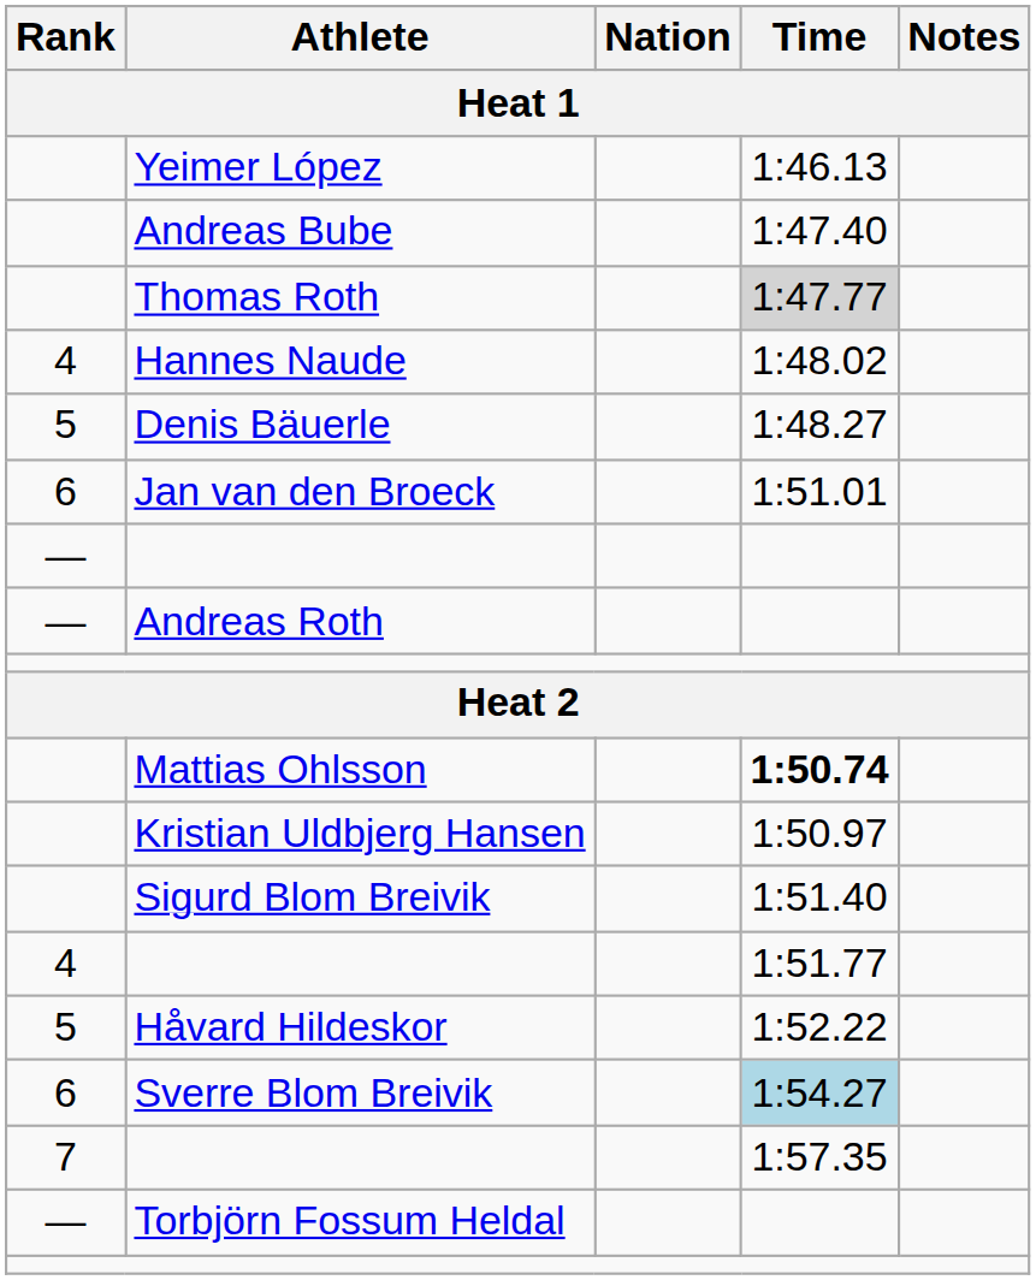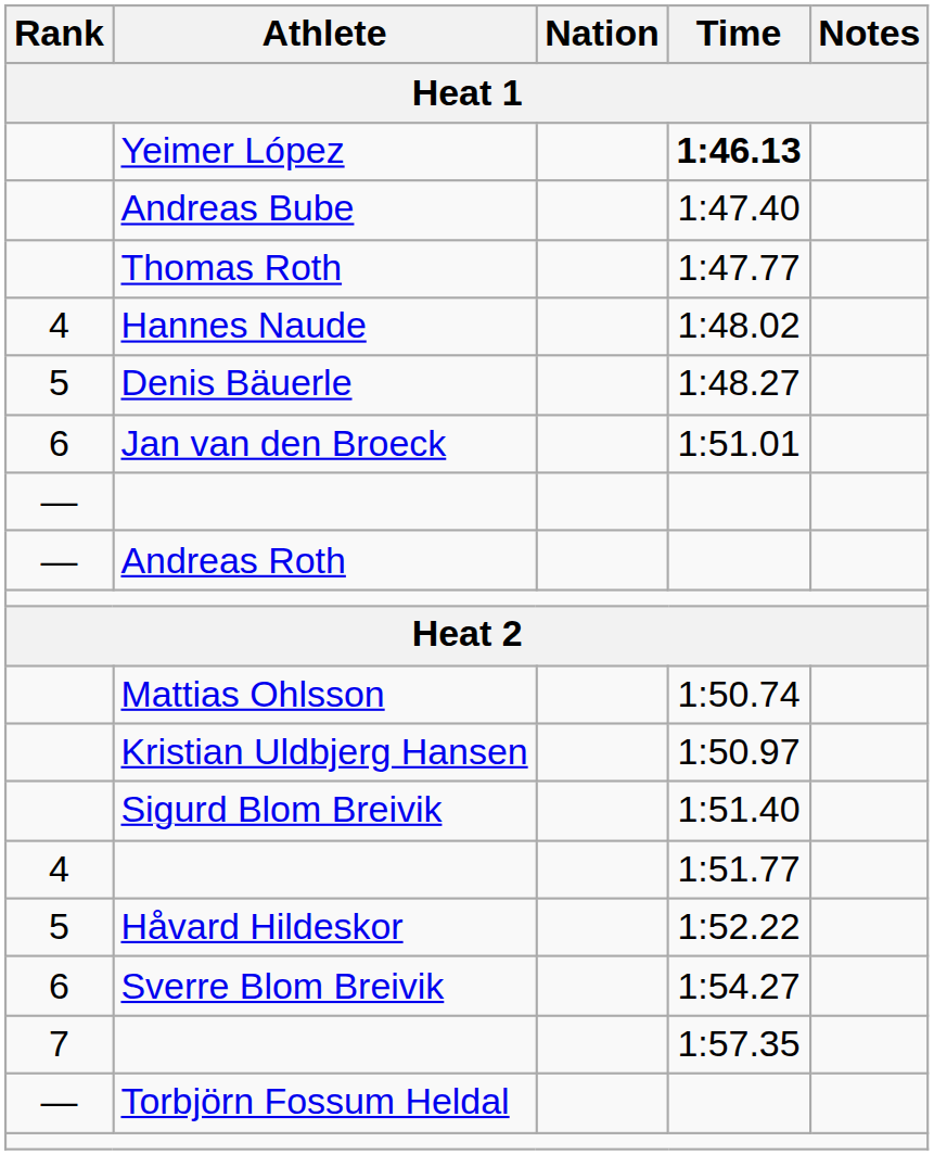 <table class="wikitable" style="text-align:center;">
 <tr>
 <th scope="col" style="width: 10px;">Rank</th>
 <th scope="col">Athlete</th>
 <th scope="col">Nation</th>
 <th scope="col">Time</th>
 <th scope="col">Notes</th>
 </tr>
 <tr>
 <th colspan="5" align="center">Heat 1</th>
 </tr>
 <tr>
 <td></td>
 <td align=left><a href='#'>Yeimer López</a></td>
 <td align=left></td>
-<td>1:46.13</td>
+<td><strong>1:46.13</strong></td>
 <td></td>
 </tr>
 <tr>
 <td></td>
 <td align=left><a href='#'>Andreas Bube</a></td>
 <td align=left></td>
 <td>1:47.40</td>
 <td></td>
 </tr>
 <tr>
 <td></td>
 <td align=left><a href='#'>Thomas Roth</a></td>
 <td align=left></td>
-<td style="background: lightgrey;">1:47.77</td>
+<td>1:47.77</td>
 <td></td>
 </tr>
 <tr>
 <td>4</td>
 <td align=left><a href='#'>Hannes Naude</a></td>
 <td align=left></td>
 <td>1:48.02</td>
 <td></td>
 </tr>
 <tr>
 <td>5</td>
 <td align=left><a href='#'>Denis Bäuerle</a></td>
 <td align=left></td>
 <td>1:48.27</td>
 <td></td>
 </tr>
 <tr>
 <td>6</td>
 <td align=left><a href='#'>Jan van den Broeck</a></td>
 <td align=left></td>
 <td>1:51.01</td>
 <td></td>
 </tr>
 <tr>
 <td>—</td>
 <td align=left></td>
 <td align=left></td>
 <td></td>
 <td></td>
 </tr>
 <tr>
 <td>—</td>
 <td align="left"><a href='#'>Andreas Roth</a></td>
 <td align="left"></td>
 <td></td>
 <td></td>
 </tr>
 <tr>
 <td colspan="5"></td>
 </tr>
 <tr>
 <th align=center colspan=5>Heat 2</th>
 </tr>
 <tr>
 <td></td>
 <td align=left><a href='#'>Mattias Ohlsson</a></td>
 <td align=left></td>
-<td><strong>1:50.74</strong></td>
+<td>1:50.74</td>
 <td></td>
 </tr>
 <tr>
 <td></td>
 <td align=left><a href='#'>Kristian Uldbjerg Hansen</a></td>
 <td align=left></td>
 <td>1:50.97</td>
 <td></td>
 </tr>
 <tr>
 <td></td>
 <td align=left><a href='#'>Sigurd Blom Breivik</a></td>
 <td align=left></td>
 <td>1:51.40</td>
 <td></td>
 </tr>
 <tr>
 <td>4</td>
 <td align=left></td>
 <td align=left></td>
 <td>1:51.77</td>
 <td></td>
 </tr>
 <tr>
 <td>5</td>
 <td align=left><a href='#'>Håvard Hildeskor</a></td>
 <td align=left></td>
 <td>1:52.22</td>
 <td></td>
 </tr>
 <tr>
 <td>6</td>
 <td align=left><a href='#'>Sverre Blom Breivik</a></td>
 <td align=left></td>
-<td style="background: lightblue;">1:54.27</td>
+<td>1:54.27</td>
 <td></td>
 </tr>
 <tr>
 <td>7</td>
 <td align=left></td>
 <td align=left></td>
 <td>1:57.35</td>
 <td></td>
 </tr>
 <tr>
 <td>—</td>
 <td align=left><a href='#'>Torbjörn Fossum Heldal</a></td>
 <td align=left></td>
 <td></td>
 <td></td>
 </tr>
 <tr class="sortbottom">
 <td colspan="5"></td>
 </tr>
 </table>
